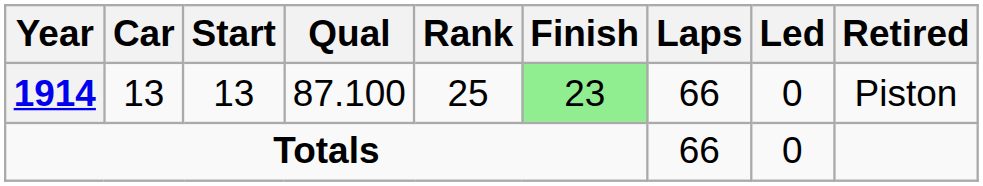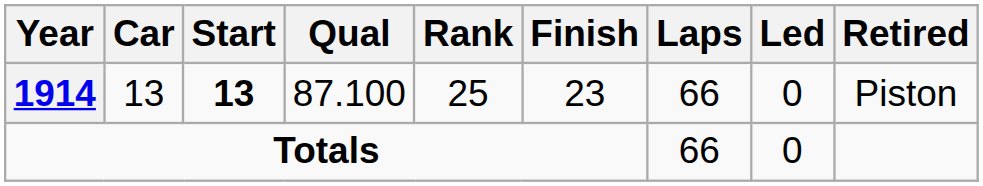 <table class="wikitable" style="text-align:center">
 <tr>
 <th>Year</th>
 <th>Car</th>
 <th>Start</th>
 <th>Qual</th>
 <th>Rank</th>
 <th>Finish</th>
 <th>Laps</th>
 <th>Led</th>
 <th>Retired</th>
 </tr>
 <tr>
 <th><a href='#'>1914</a></th>
 <td>13</td>
-<td>13</td>
+<td><strong>13</strong></td>
 <td>87.100</td>
 <td>25</td>
-<td style="background: lightgreen;">23</td>
+<td>23</td>
 <td>66</td>
 <td>0</td>
 <td>Piston</td>
 </tr>
 <tr>
 <td colspan=6><strong>Totals</strong></td>
 <td>66</td>
 <td>0</td>
 <td></td>
 </tr>
 </table>
